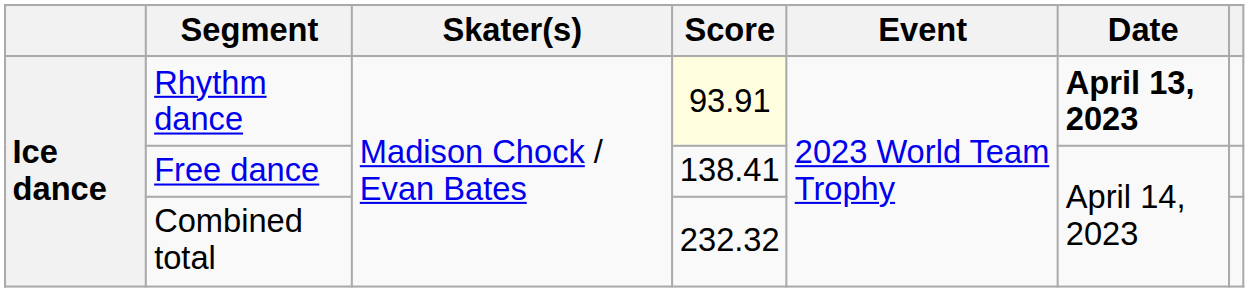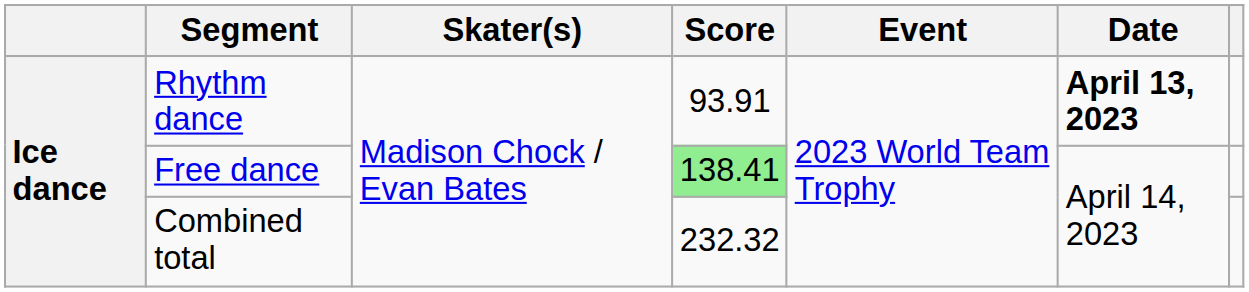 <table class="wikitable unsortable style="text-align:left">
 <tr>
 <th scope="col"></th>
 <th scope="col">Segment</th>
 <th scope="col">Skater(s)</th>
 <th scope="col">Score</th>
 <th scope="col">Event</th>
 <th scope="col">Date</th>
 <th scope="col"></th>
 </tr>
 <tr>
 <th rowspan="3" scope="row" style="text-align:left">Ice dance</th>
 <td><a href='#'>Rhythm dance</a></td>
 <td rowspan=3> <a href='#'>Madison Chock</a> / <a href='#'>Evan Bates</a></td>
-<td align=center style="background: lightyellow;">93.91</td>
+<td align=center>93.91</td>
 <td rowspan=3><a href='#'>2023 World Team Trophy</a></td>
 <td><strong>April 13, 2023</strong></td>
 <td></td>
 </tr>
 <tr>
 <td><a href='#'>Free dance</a></td>
-<td align=center>138.41</td>
+<td align=center style="background: lightgreen;">138.41</td>
 <td rowspan=2>April 14, 2023</td>
 <td></td>
 </tr>
 <tr>
 <td>Combined total</td>
 <td align=center>232.32</td>
 <td></td>
 </tr>
 </table>
